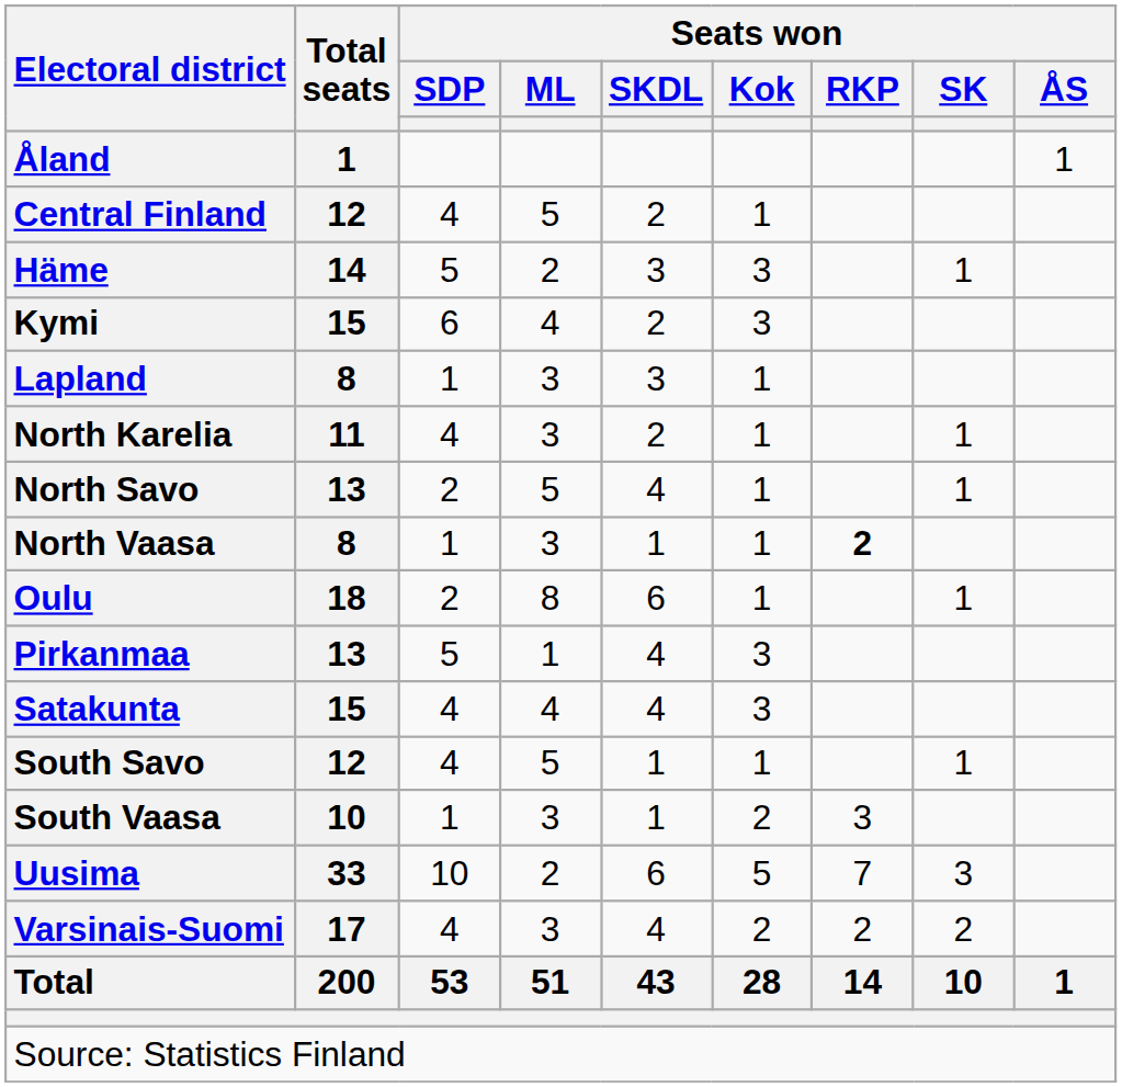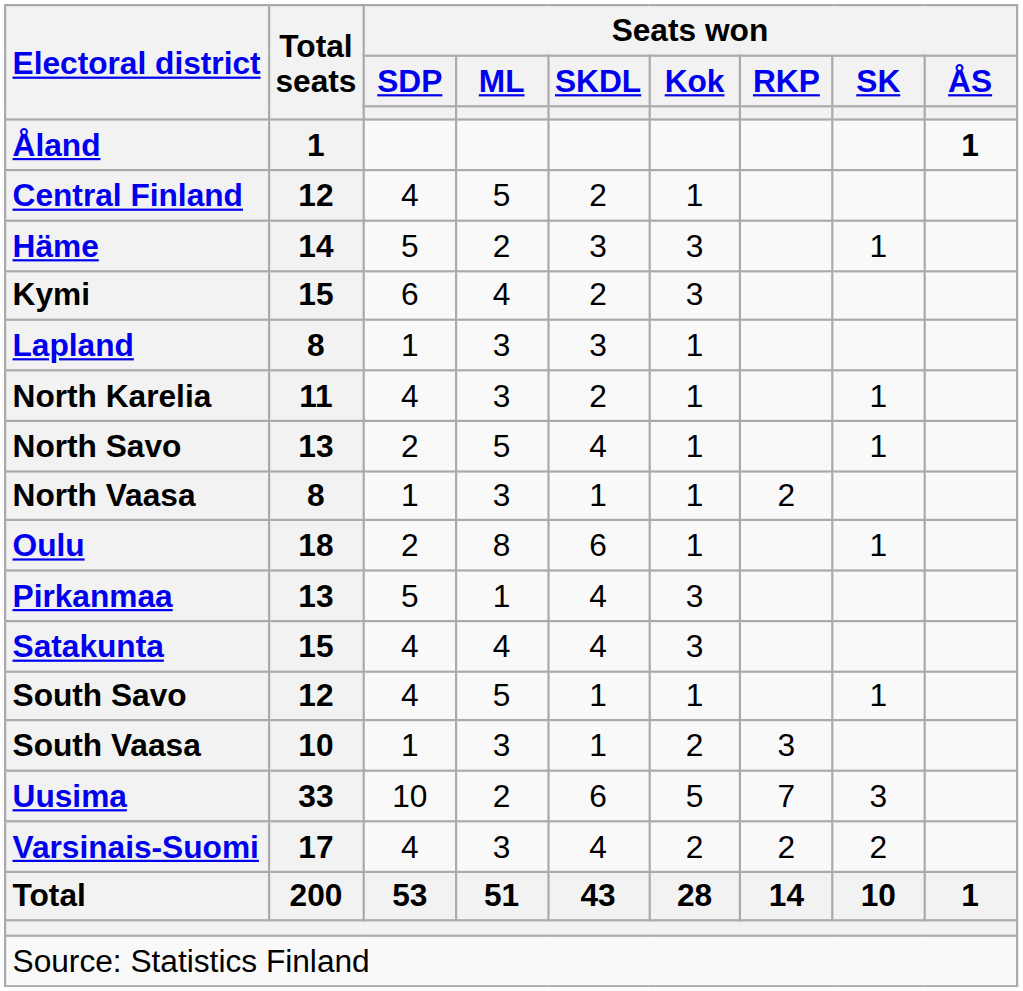 <table class="wikitable" style="text-align:center; font-size: 0.9em;">
 <tr>
 <th rowspan="3"><a href='#'>Electoral district</a></th>
 <th rowspan="3">Total<br>seats</th>
 <th colspan="7">Seats won</th>
 </tr>
 <tr>
 <th class="unsortable" style="width:35px;"><a href='#'>SDP</a></th>
 <th class="unsortable" style="width:35px;"><a href='#'>ML</a></th>
 <th class="unsortable" style="width:35px;"><a href='#'>SKDL</a></th>
 <th class="unsortable" style="width:35px;"><a href='#'>Kok</a></th>
 <th class="unsortable" style="width:35px;"><a href='#'>RKP</a></th>
 <th class="unsortable" style="width:35px;"><a href='#'>SK</a></th>
 <th class="unsortable" style="width:35px;"><a href='#'>ÅS</a></th>
 </tr>
 <tr>
 <th style="background:"></th>
 <th style="background:"></th>
 <th style="background:"></th>
 <th style="background:"></th>
 <th style="background:"></th>
 <th style="background:"></th>
 <th style="background:"></th>
 </tr>
 <tr>
 <th style="text-align: left;"><a href='#'>Åland</a></th>
 <th>1</th>
 <td></td>
 <td></td>
 <td></td>
 <td></td>
 <td></td>
 <td></td>
-<td>1</td>
+<td><strong>1</strong></td>
 </tr>
 <tr>
 <th style="text-align: left;"><a href='#'>Central Finland</a></th>
 <th>12</th>
 <td>4</td>
 <td>5</td>
 <td>2</td>
 <td>1</td>
 <td></td>
 <td></td>
 <td></td>
 </tr>
 <tr>
 <th style="text-align: left;"><a href='#'>Häme</a></th>
 <th>14</th>
 <td>5</td>
 <td>2</td>
 <td>3</td>
 <td>3</td>
 <td></td>
 <td>1</td>
 <td></td>
 </tr>
 <tr>
 <th style="text-align: left;">Kymi</th>
 <th>15</th>
 <td>6</td>
 <td>4</td>
 <td>2</td>
 <td>3</td>
 <td></td>
 <td></td>
 <td></td>
 </tr>
 <tr>
 <th style="text-align: left;"><a href='#'>Lapland</a></th>
 <th>8</th>
 <td>1</td>
 <td>3</td>
 <td>3</td>
 <td>1</td>
 <td></td>
 <td></td>
 <td></td>
 </tr>
 <tr>
 <th style="text-align: left;">North Karelia</th>
 <th>11</th>
 <td>4</td>
 <td>3</td>
 <td>2</td>
 <td>1</td>
 <td></td>
 <td>1</td>
 <td></td>
 </tr>
 <tr>
 <th style="text-align: left;">North Savo</th>
 <th>13</th>
 <td>2</td>
 <td>5</td>
 <td>4</td>
 <td>1</td>
 <td></td>
 <td>1</td>
 <td></td>
 </tr>
 <tr>
 <th style="text-align: left;">North Vaasa</th>
 <th>8</th>
 <td>1</td>
 <td>3</td>
 <td>1</td>
 <td>1</td>
-<td><strong>2</strong></td>
+<td>2</td>
 <td></td>
 <td></td>
 </tr>
 <tr>
 <th style="text-align: left;"><a href='#'>Oulu</a></th>
 <th>18</th>
 <td>2</td>
 <td>8</td>
 <td>6</td>
 <td>1</td>
 <td></td>
 <td>1</td>
 <td></td>
 </tr>
 <tr>
 <th style="text-align: left;"><a href='#'>Pirkanmaa</a></th>
 <th>13</th>
 <td>5</td>
 <td>1</td>
 <td>4</td>
 <td>3</td>
 <td></td>
 <td></td>
 <td></td>
 </tr>
 <tr>
 <th style="text-align: left;"><a href='#'>Satakunta</a></th>
 <th>15</th>
 <td>4</td>
 <td>4</td>
 <td>4</td>
 <td>3</td>
 <td></td>
 <td></td>
 <td></td>
 </tr>
 <tr>
 <th style="text-align: left;">South Savo</th>
 <th>12</th>
 <td>4</td>
 <td>5</td>
 <td>1</td>
 <td>1</td>
 <td></td>
 <td>1</td>
 <td></td>
 </tr>
 <tr>
 <th style="text-align: left;">South Vaasa</th>
 <th>10</th>
 <td>1</td>
 <td>3</td>
 <td>1</td>
 <td>2</td>
 <td>3</td>
 <td></td>
 <td></td>
 </tr>
 <tr>
 <th style="text-align: left;"><a href='#'>Uusima</a></th>
 <th>33</th>
 <td>10</td>
 <td>2</td>
 <td>6</td>
 <td>5</td>
 <td>7</td>
 <td>3</td>
 <td></td>
 </tr>
 <tr>
 <th style="text-align: left;"><a href='#'>Varsinais-Suomi</a></th>
 <th>17</th>
 <td>4</td>
 <td>3</td>
 <td>4</td>
 <td>2</td>
 <td>2</td>
 <td>2</td>
 <td></td>
 </tr>
 <tr class="sortbottom">
 <th style="text-align: left;">Total</th>
 <th>200</th>
 <th>53</th>
 <th>51</th>
 <th>43</th>
 <th>28</th>
 <th>14</th>
 <th>10</th>
 <th>1</th>
 </tr>
 <tr>
 <th colspan="9"></th>
 </tr>
 <tr>
 <td colspan="9" align=left>Source: Statistics Finland</td>
 </tr>
 </table>
